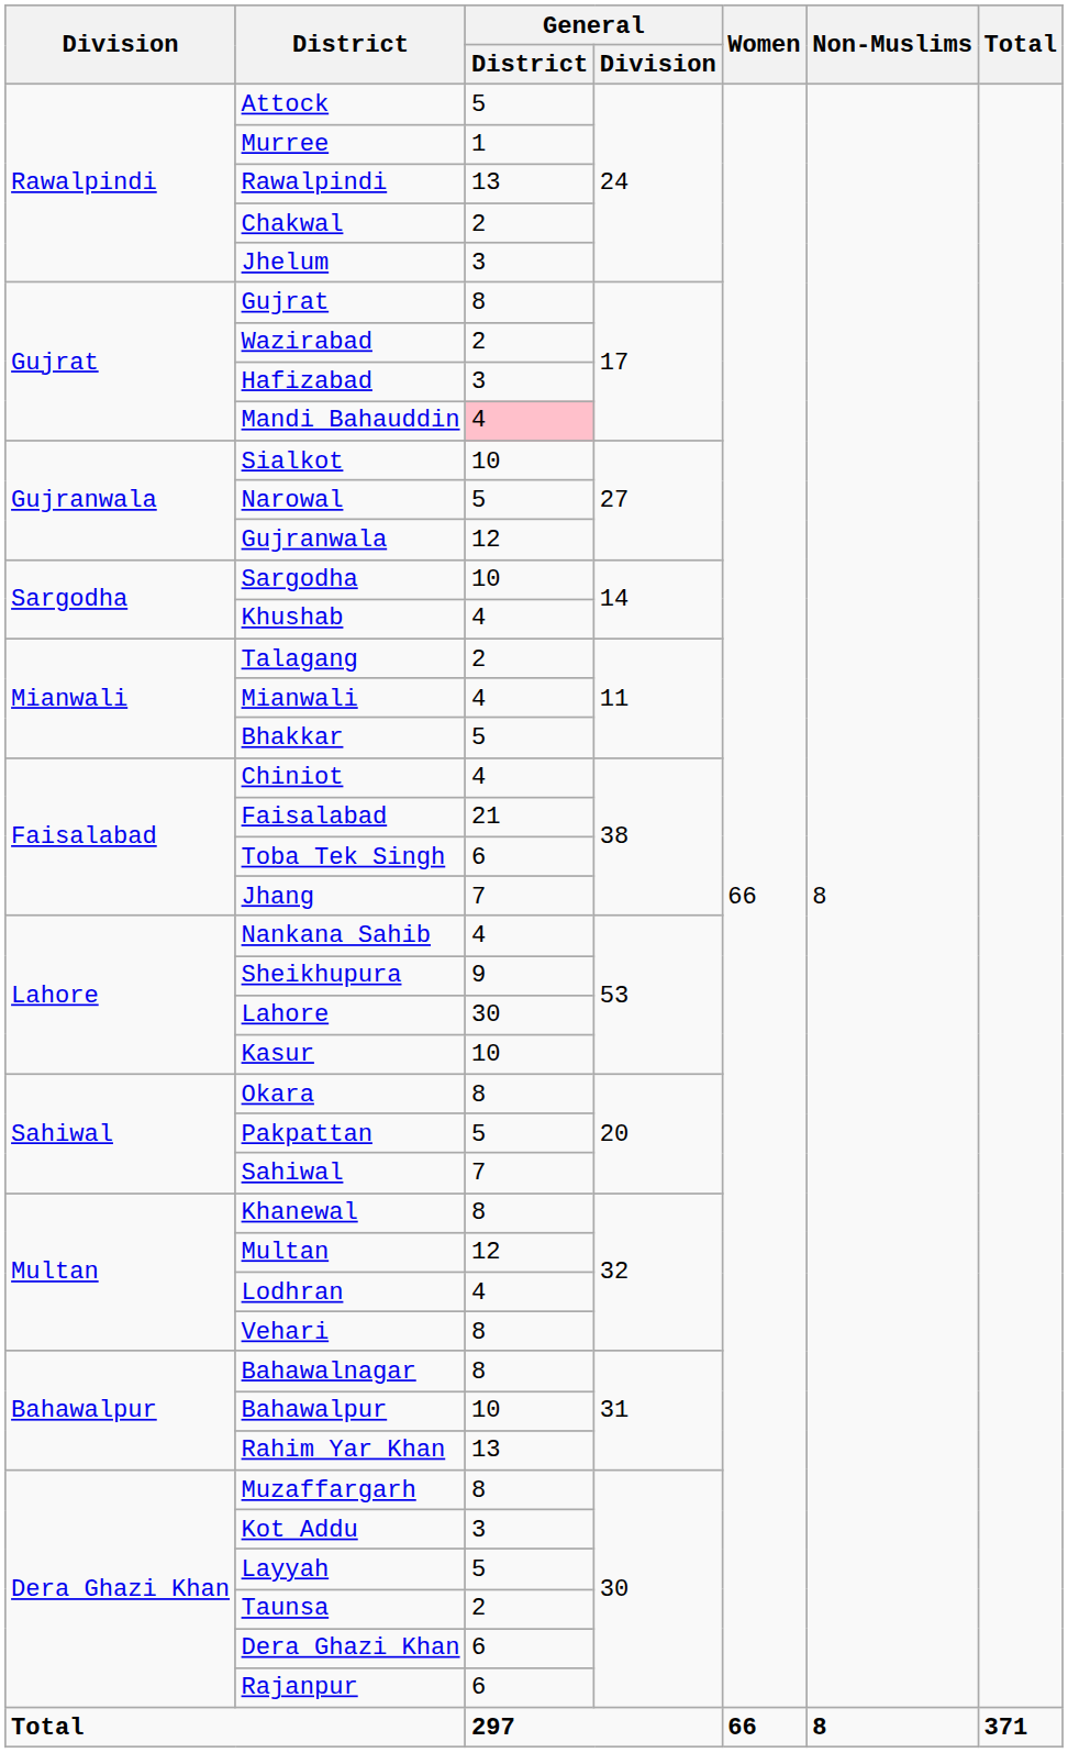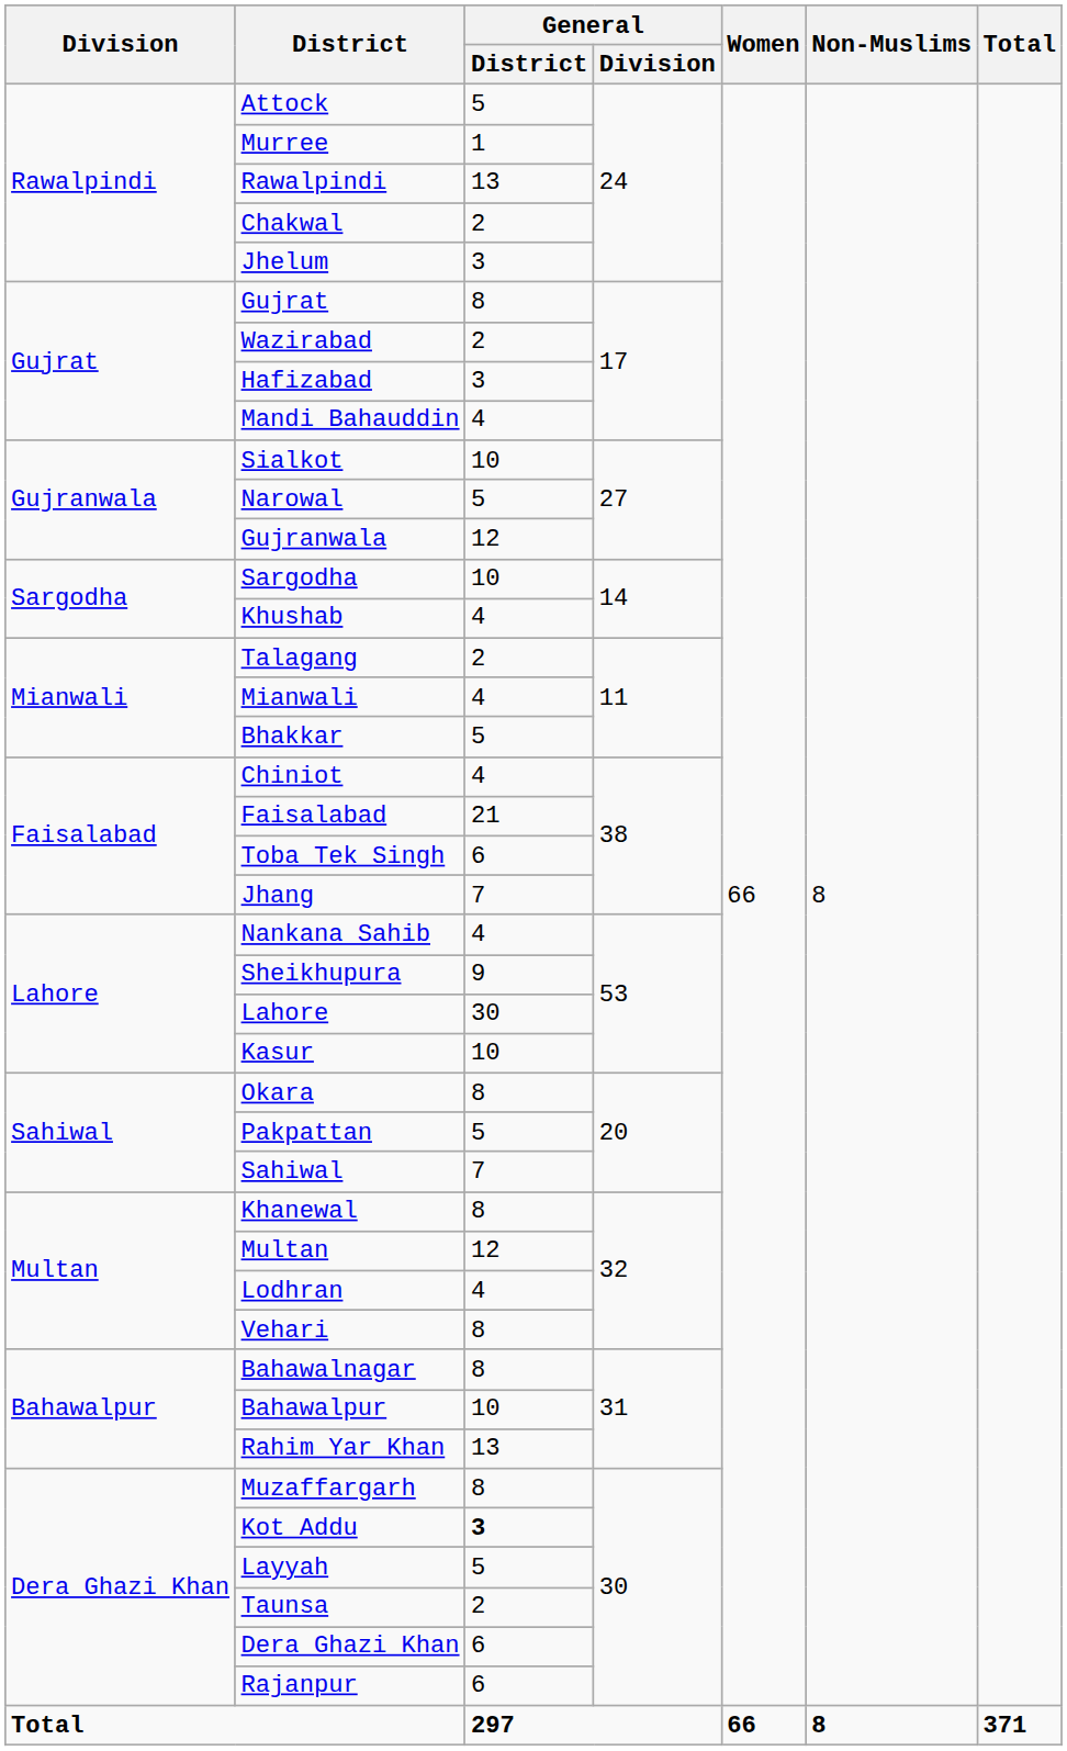 <table class="wikitable">
 <tr>
 <th rowspan="2">Division</th>
 <th rowspan="2">District</th>
 <th colspan="2">General</th>
 <th rowspan="2">Women</th>
 <th rowspan="2">Non-Muslims</th>
 <th rowspan="2"><strong>Total</strong></th>
 </tr>
 <tr>
 <th>District</th>
 <th>Division</th>
 </tr>
 <tr>
 <td rowspan="5"><a href='#'>Rawalpindi</a></td>
 <td><a href='#'>Attock</a></td>
 <td>5</td>
 <td rowspan="5">24</td>
 <td rowspan="41">66</td>
 <td rowspan="41">8</td>
 <td rowspan="41"></td>
 </tr>
 <tr>
 <td><a href='#'>Murree</a></td>
 <td>1</td>
 </tr>
 <tr>
 <td><a href='#'>Rawalpindi</a></td>
 <td>13</td>
 </tr>
 <tr>
 <td><a href='#'>Chakwal</a></td>
 <td>2</td>
 </tr>
 <tr>
 <td><a href='#'>Jhelum</a></td>
 <td>3</td>
 </tr>
 <tr>
 <td rowspan="4"><a href='#'>Gujrat</a></td>
 <td><a href='#'>Gujrat</a></td>
 <td>8</td>
 <td rowspan="4">17</td>
 </tr>
 <tr>
 <td><a href='#'>Wazirabad</a></td>
 <td>2</td>
 </tr>
 <tr>
 <td><a href='#'>Hafizabad</a></td>
 <td>3</td>
 </tr>
 <tr>
 <td><a href='#'>Mandi Bahauddin</a></td>
-<td style="background: pink;">4</td>
+<td>4</td>
 </tr>
 <tr>
 <td rowspan="3"><a href='#'>Gujranwala</a></td>
 <td><a href='#'>Sialkot</a></td>
 <td>10</td>
 <td rowspan="3">27</td>
 </tr>
 <tr>
 <td><a href='#'>Narowal</a></td>
 <td>5</td>
 </tr>
 <tr>
 <td><a href='#'>Gujranwala</a></td>
 <td>12</td>
 </tr>
 <tr>
 <td rowspan="2"><a href='#'>Sargodha</a></td>
 <td><a href='#'>Sargodha</a></td>
 <td>10</td>
 <td rowspan="2">14</td>
 </tr>
 <tr>
 <td><a href='#'>Khushab</a></td>
 <td>4</td>
 </tr>
 <tr>
 <td rowspan="3"><a href='#'>Mianwali</a></td>
 <td><a href='#'>Talagang</a></td>
 <td>2</td>
 <td rowspan="3">11</td>
 </tr>
 <tr>
 <td><a href='#'>Mianwali</a></td>
 <td>4</td>
 </tr>
 <tr>
 <td><a href='#'>Bhakkar</a></td>
 <td>5</td>
 </tr>
 <tr>
 <td rowspan="4"><a href='#'>Faisalabad</a></td>
 <td><a href='#'>Chiniot</a></td>
 <td>4</td>
 <td rowspan="4">38</td>
 </tr>
 <tr>
 <td><a href='#'>Faisalabad</a></td>
 <td>21</td>
 </tr>
 <tr>
 <td><a href='#'>Toba Tek Singh</a></td>
 <td>6</td>
 </tr>
 <tr>
 <td><a href='#'>Jhang</a></td>
 <td>7</td>
 </tr>
 <tr>
 <td rowspan="4"><a href='#'>Lahore</a></td>
 <td><a href='#'>Nankana Sahib</a></td>
 <td>4</td>
 <td rowspan="4">53</td>
 </tr>
 <tr>
 <td><a href='#'>Sheikhupura</a></td>
 <td>9</td>
 </tr>
 <tr>
 <td><a href='#'>Lahore</a></td>
 <td>30</td>
 </tr>
 <tr>
 <td><a href='#'>Kasur</a></td>
 <td>10</td>
 </tr>
 <tr>
 <td rowspan="3"><a href='#'>Sahiwal</a></td>
 <td><a href='#'>Okara</a></td>
 <td>8</td>
 <td rowspan="3">20</td>
 </tr>
 <tr>
 <td><a href='#'>Pakpattan</a></td>
 <td>5</td>
 </tr>
 <tr>
 <td><a href='#'>Sahiwal</a></td>
 <td>7</td>
 </tr>
 <tr>
 <td rowspan="4"><a href='#'>Multan</a></td>
 <td><a href='#'>Khanewal</a></td>
 <td>8</td>
 <td rowspan="4">32</td>
 </tr>
 <tr>
 <td><a href='#'>Multan</a></td>
 <td>12</td>
 </tr>
 <tr>
 <td><a href='#'>Lodhran</a></td>
 <td>4</td>
 </tr>
 <tr>
 <td><a href='#'>Vehari</a></td>
 <td>8</td>
 </tr>
 <tr>
 <td rowspan="3"><a href='#'>Bahawalpur</a></td>
 <td><a href='#'>Bahawalnagar</a></td>
 <td>8</td>
 <td rowspan="3">31</td>
 </tr>
 <tr>
 <td><a href='#'>Bahawalpur</a></td>
 <td>10</td>
 </tr>
 <tr>
 <td><a href='#'>Rahim Yar Khan</a></td>
 <td>13</td>
 </tr>
 <tr>
 <td rowspan="6"><a href='#'>Dera Ghazi Khan</a></td>
 <td><a href='#'>Muzaffargarh</a></td>
 <td>8</td>
 <td rowspan="6">30</td>
 </tr>
 <tr>
 <td><a href='#'>Kot Addu</a></td>
-<td>3</td>
+<td><strong>3</strong></td>
 </tr>
 <tr>
 <td><a href='#'>Layyah</a></td>
 <td>5</td>
 </tr>
 <tr>
 <td><a href='#'>Taunsa</a></td>
 <td>2</td>
 </tr>
 <tr>
 <td><a href='#'>Dera Ghazi Khan</a></td>
 <td>6</td>
 </tr>
 <tr>
 <td><a href='#'>Rajanpur</a></td>
 <td>6</td>
 </tr>
 <tr>
 <td colspan="2"><strong>Total</strong></td>
 <td colspan="2"><strong>297</strong></td>
 <td><strong>66</strong></td>
 <td><strong>8</strong></td>
 <td><strong>371</strong></td>
 </tr>
 </table>
